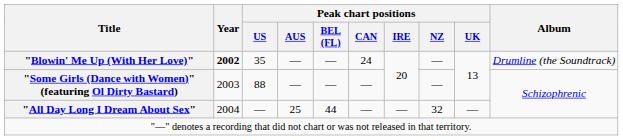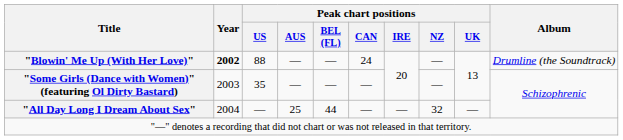 <table class="wikitable plainrowheaders" style="text-align:center;">
 <tr>
 <th scope="col" rowspan="2" style="width:18em;">Title</th>
 <th scope="col" rowspan="2">Year</th>
 <th colspan="7">Peak chart positions</th>
 <th scope="col" rowspan="2">Album</th>
 </tr>
 <tr>
 <th scope="col" style="width:3em;font-size:90%;"><a href='#'>US</a><br></th>
 <th scope="col" style="width:3em;font-size:90%;"><a href='#'>AUS</a><br></th>
 <th scope="col" style="width:3em;font-size:90%;"><a href='#'>BEL<br>(FL)</a><br></th>
 <th scope="col" style="width:3em;font-size:90%;"><a href='#'>CAN</a><br></th>
 <th scope="col" style="width:3em;font-size:90%;"><a href='#'>IRE</a><br></th>
 <th scope="col" style="width:3em;font-size:90%;"><a href='#'>NZ</a><br></th>
 <th scope="col" style="width:3em;font-size:90%;"><a href='#'>UK</a><br></th>
 </tr>
 <tr>
 <th scope="row">"<a href='#'>Blowin' Me Up (With Her Love)</a>"</th>
 <td><strong>2002</strong></td>
-<td>35</td>
+<td>88</td>
 <td>—</td>
 <td>—</td>
 <td>24</td>
 <td rowspan="2">20</td>
 <td>—</td>
 <td rowspan="2">13</td>
 <td><em><a href='#'>Drumline</a> <span>(the Soundtrack)</span></em></td>
 </tr>
 <tr>
 <th scope="row">"<a href='#'>Some Girls (Dance with Women)</a>"<br><span>(featuring <a href='#'>Ol Dirty Bastard</a>)</span></th>
 <td>2003</td>
-<td>88</td>
+<td>35</td>
 <td>—</td>
 <td>—</td>
 <td>—</td>
 <td>—</td>
 <td rowspan="2"><em><a href='#'>Schizophrenic</a></em></td>
 </tr>
 <tr>
 <th scope="row">"<a href='#'>All Day Long I Dream About Sex</a>"</th>
 <td>2004</td>
 <td>—</td>
 <td>25</td>
 <td>44</td>
 <td>—</td>
 <td>—</td>
 <td>32</td>
 <td>—</td>
 </tr>
 <tr>
 <td colspan="11" style="font-size:90%">"—" denotes a recording that did not chart or was not released in that territory.</td>
 </tr>
 </table>
